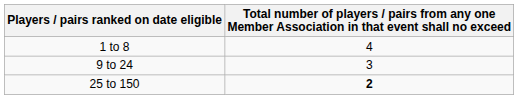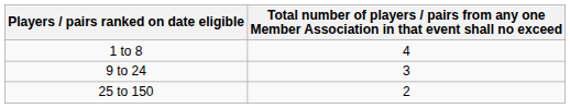 <table class="wikitable" style="text-align:center">
 <tr>
 <th>Players / pairs ranked on date eligible</th>
 <th>Total number of players / pairs from any one<br>Member Association in that event shall no exceed</th>
 </tr>
 <tr>
 <td>1 to 8</td>
 <td>4</td>
 </tr>
 <tr>
 <td>9 to 24</td>
 <td>3</td>
 </tr>
 <tr>
 <td>25 to 150</td>
-<td><strong>2</strong></td>
+<td>2</td>
 </tr>
 </table>
